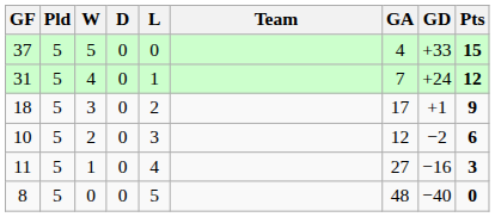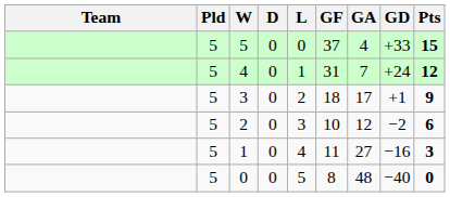 <table class="wikitable" style="text-align:center">
 <tr>
-<th width=20>GF</th>
+<th width=175>Team</th>
 <th width=20>Pld</th>
 <th width=20>W</th>
 <th width=20>D</th>
 <th width=20>L</th>
-<th width=175>Team</th>
+<th width=20>GF</th>
 <th width=20>GA</th>
 <th width=20>GD</th>
 <th width=20>Pts</th>
 </tr>
 <tr bgcolor=ccffcc>
-<td>37</td>
+<td align=left></td>
 <td>5</td>
 <td>5</td>
 <td>0</td>
 <td>0</td>
-<td align=left></td>
+<td>37</td>
 <td>4</td>
 <td>+33</td>
 <td><strong>15</strong></td>
 </tr>
 <tr bgcolor=ccffcc>
-<td>31</td>
+<td align=left></td>
 <td>5</td>
 <td>4</td>
 <td>0</td>
 <td>1</td>
-<td align=left></td>
+<td>31</td>
 <td>7</td>
 <td>+24</td>
 <td><strong>12</strong></td>
 </tr>
 <tr>
-<td>18</td>
+<td align=left></td>
 <td>5</td>
 <td>3</td>
 <td>0</td>
 <td>2</td>
-<td align=left></td>
+<td>18</td>
 <td>17</td>
 <td>+1</td>
 <td><strong>9</strong></td>
 </tr>
 <tr>
-<td>10</td>
+<td align=left></td>
 <td>5</td>
 <td>2</td>
 <td>0</td>
 <td>3</td>
-<td align=left></td>
+<td>10</td>
 <td>12</td>
 <td>−2</td>
 <td><strong>6</strong></td>
 </tr>
 <tr>
-<td>11</td>
+<td align=left></td>
 <td>5</td>
 <td>1</td>
 <td>0</td>
 <td>4</td>
-<td align=left></td>
+<td>11</td>
 <td>27</td>
 <td>−16</td>
 <td><strong>3</strong></td>
 </tr>
 <tr>
-<td>8</td>
+<td align=left></td>
 <td>5</td>
 <td>0</td>
 <td>0</td>
 <td>5</td>
-<td align=left></td>
+<td>8</td>
 <td>48</td>
 <td>−40</td>
 <td><strong>0</strong></td>
 </tr>
 </table>
